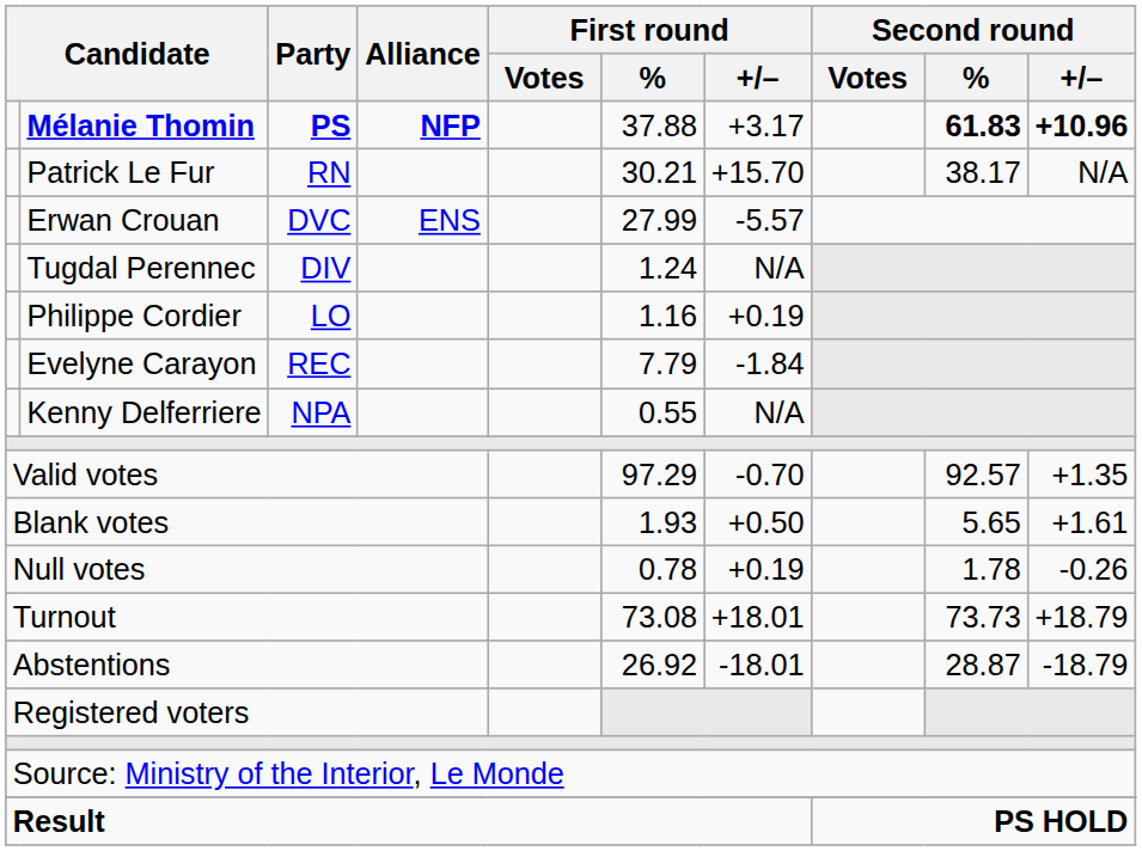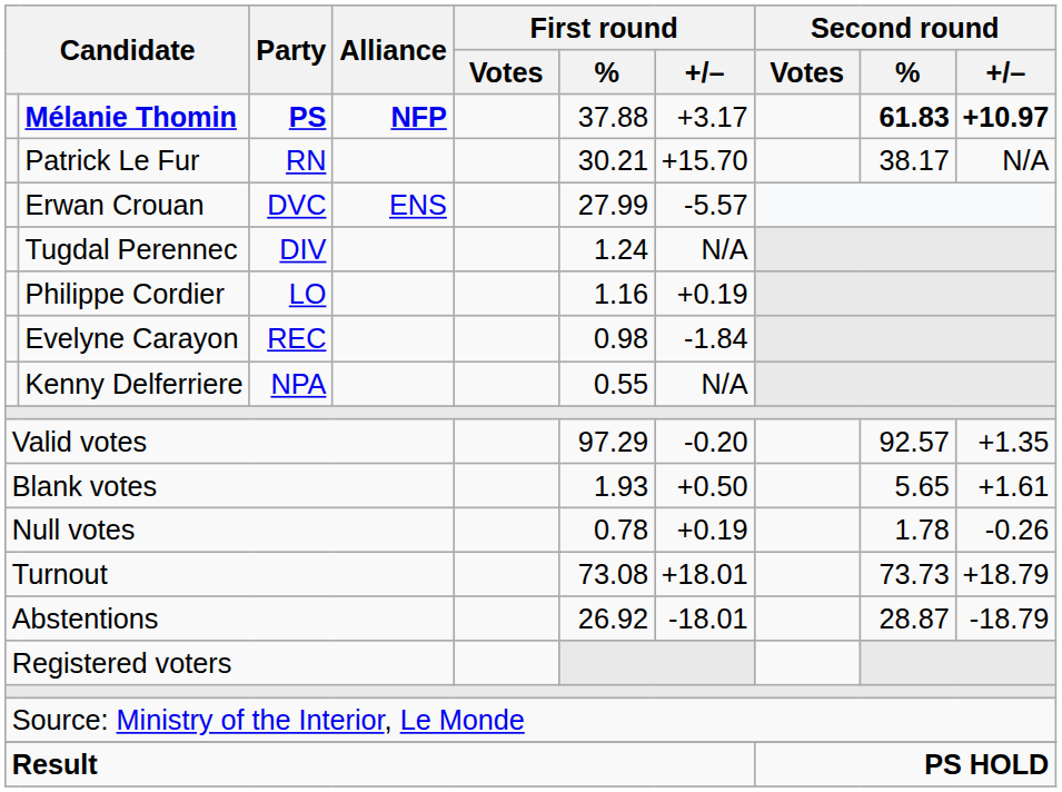 <table class="wikitable" style="text-align:right;font-size:95%;">
 <tr>
 <th rowspan="2" colspan="2">Candidate</th>
 <th rowspan="2">Party</th>
 <th rowspan="2">Alliance</th>
 <th colspan="3">First round</th>
 <th colspan="3">Second round</th>
 </tr>
 <tr>
 <th style="width:50px;">Votes</th>
 <th style="width:45px;">%</th>
 <th style="width:45px;">+/–</th>
 <th style="width:50px;">Votes</th>
 <th style="width:45px;">%</th>
 <th style="width:45px;">+/–</th>
 </tr>
 <tr>
 <td style="color:inherit;background:"></td>
 <td style="text-align:left;"><strong><a href='#'>Mélanie Thomin</a></strong></td>
 <td><a href='#'><strong>PS</strong></a></td>
 <td><a href='#'><strong>NFP</strong></a></td>
 <td></td>
 <td>37.88</td>
 <td>+3.17</td>
 <td><strong></strong></td>
 <td><strong>61.83</strong></td>
-<td><strong>+10.96</strong></td>
+<td><strong>+10.97</strong></td>
 </tr>
 <tr>
 <td style="color:inherit;background:"></td>
 <td style="text-align:left;">Patrick Le Fur</td>
 <td><a href='#'>RN</a></td>
 <td></td>
 <td></td>
 <td>30.21</td>
 <td>+15.70</td>
 <td></td>
 <td>38.17</td>
 <td>N/A</td>
 </tr>
 <tr>
 <td style="color:inherit;background:"></td>
 <td style="text-align:left;">Erwan Crouan</td>
 <td><a href='#'>DVC</a></td>
 <td><a href='#'>ENS</a></td>
 <td></td>
 <td>27.99</td>
 <td>-5.57</td>
 <td colspan="3" style="background:#F8F9FA;"></td>
 </tr>
 <tr>
 <td style="color:inherit;background:"></td>
 <td style="text-align:left;">Tugdal Perennec</td>
 <td><a href='#'>DIV</a></td>
 <td></td>
 <td></td>
 <td>1.24</td>
 <td>N/A</td>
 <td colspan="3" style="background:#E9E9E9;"></td>
 </tr>
 <tr>
 <td style="color:inherit;background:"></td>
 <td style="text-align:left;">Philippe Cordier</td>
 <td><a href='#'>LO</a></td>
 <td></td>
 <td></td>
 <td>1.16</td>
 <td>+0.19</td>
 <td colspan="3" style="background:#E9E9E9;"></td>
 </tr>
 <tr>
 <td style="color:inherit;background:"></td>
 <td style="text-align:left;">Evelyne Carayon</td>
 <td><a href='#'>REC</a></td>
 <td></td>
 <td></td>
-<td>7.79</td>
+<td>0.98</td>
 <td>-1.84</td>
 <td colspan="3" style="background:#E9E9E9;"></td>
 </tr>
 <tr>
 <td style="color:inherit;background:"></td>
 <td style="text-align:left;">Kenny Delferriere</td>
 <td><a href='#'>NPA</a></td>
 <td></td>
 <td></td>
 <td>0.55</td>
 <td>N/A</td>
 <td colspan="3" style="background:#E9E9E9;"></td>
 </tr>
 <tr>
 <td colspan="10" style="background:#E9E9E9;"></td>
 </tr>
 <tr>
 <td colspan="4" style="text-align:left;">Valid votes</td>
 <td></td>
 <td>97.29</td>
-<td>-0.70</td>
+<td>-0.20</td>
 <td></td>
 <td>92.57</td>
 <td>+1.35</td>
 </tr>
 <tr>
 <td colspan="4" style="text-align:left;">Blank votes</td>
 <td></td>
 <td>1.93</td>
 <td>+0.50</td>
 <td></td>
 <td>5.65</td>
 <td>+1.61</td>
 </tr>
 <tr>
 <td colspan="4" style="text-align:left;">Null votes</td>
 <td></td>
 <td>0.78</td>
 <td>+0.19</td>
 <td></td>
 <td>1.78</td>
 <td>-0.26</td>
 </tr>
 <tr>
 <td colspan="4" style="text-align:left;">Turnout</td>
 <td></td>
 <td>73.08</td>
 <td>+18.01</td>
 <td></td>
 <td>73.73</td>
 <td>+18.79</td>
 </tr>
 <tr>
 <td colspan="4" style="text-align:left;">Abstentions</td>
 <td></td>
 <td>26.92</td>
 <td>-18.01</td>
 <td></td>
 <td>28.87</td>
 <td>-18.79</td>
 </tr>
 <tr>
 <td colspan="4" style="text-align:left;">Registered voters</td>
 <td></td>
 <td colspan="2" style="background:#E9E9E9;"></td>
 <td></td>
 <td colspan="2" style="background:#E9E9E9;"></td>
 </tr>
 <tr>
 <td colspan="10" style="background:#E9E9E9;"></td>
 </tr>
 <tr>
 <td colspan="10" style="text-align:left;">Source: <a href='#'>Ministry of the Interior</a>, <a href='#'>Le Monde</a></td>
 </tr>
 <tr>
 </tr>
 <tr style="font-weight:bold">
 <td colspan="7" style="text-align:left;">Result</td>
 <td colspan="7" style="background-color:">PS HOLD</td>
 </tr>
 </table>
